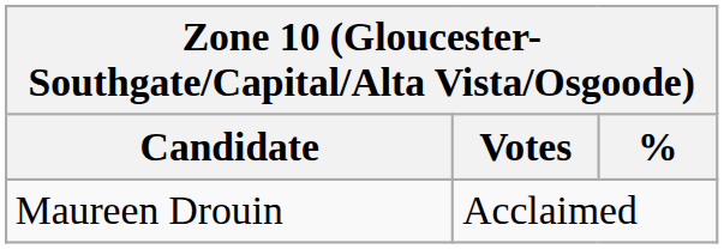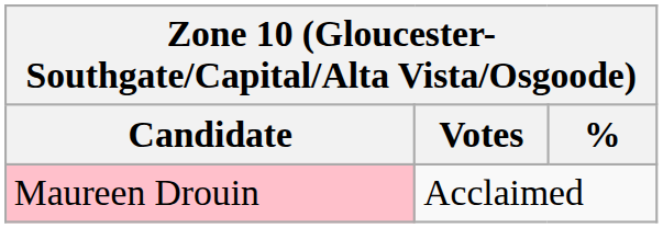 <table class="wikitable">
 <tr>
 <th colspan="3">Zone 10  (Gloucester-Southgate/Capital/Alta Vista/Osgoode)</th>
 </tr>
 <tr>
 <th style="width: 170px">Candidate</th>
 <th style="width: 50px">Votes</th>
 <th style="width: 40px">%</th>
 </tr>
 <tr>
-<td>Maureen Drouin</td>
+<td style="background: pink;">Maureen Drouin</td>
 <td colspan="2">Acclaimed</td>
 </tr>
 </table>
